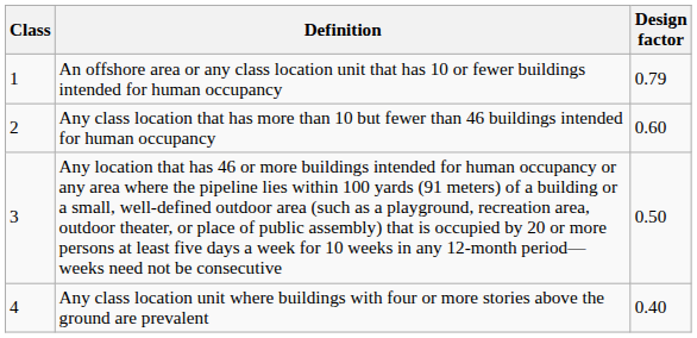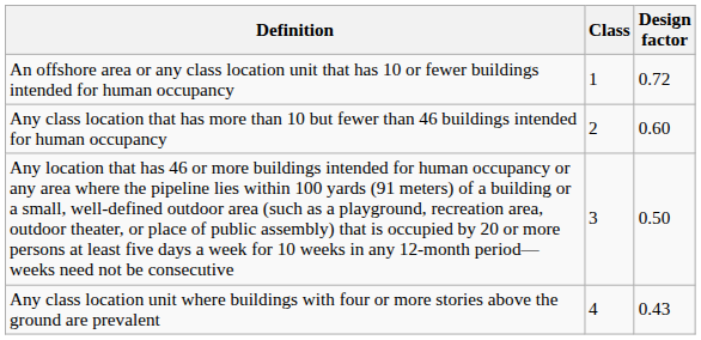 <table class="wikitable">
 <tr>
+<th width=700>Definition</th>
 <th>Class</th>
-<th width=700>Definition</th>
 <th>Design<br>factor</th>
 </tr>
 <tr>
+<td>An offshore area or any class location unit that has 10 or fewer buildings intended for human occupancy</td>
 <td>1</td>
-<td>An offshore area or any class location unit that has 10 or fewer buildings intended for human occupancy</td>
-<td>0.79</td>
+<td>0.72</td>
 </tr>
 <tr>
+<td>Any class location that has more than 10 but fewer than 46 buildings intended for human occupancy</td>
 <td>2</td>
-<td>Any class location that has more than 10 but fewer than 46 buildings intended for human occupancy</td>
 <td>0.60</td>
 </tr>
 <tr>
+<td>Any location that has 46 or more buildings intended for human occupancy or any area where the pipeline lies within 100 yards (91 meters) of a building or a small, well-defined outdoor area (such as a playground, recreation area, outdoor theater, or place of public assembly) that is occupied by 20 or more persons at least five days a week for 10 weeks in any 12-month period—weeks need not be consecutive</td>
 <td>3</td>
-<td>Any location that has 46 or more buildings intended for human occupancy or any area where the pipeline lies within 100 yards (91 meters) of a building or a small, well-defined outdoor area (such as a playground, recreation area, outdoor theater, or place of public assembly) that is occupied by 20 or more persons at least five days a week for 10 weeks in any 12-month period—weeks need not be consecutive</td>
 <td>0.50</td>
 </tr>
 <tr>
+<td>Any class location unit where buildings with four or more stories above the ground are prevalent</td>
 <td>4</td>
-<td>Any class location unit where buildings with four or more stories above the ground are prevalent</td>
-<td>0.40</td>
+<td>0.43</td>
 </tr>
 </table>
